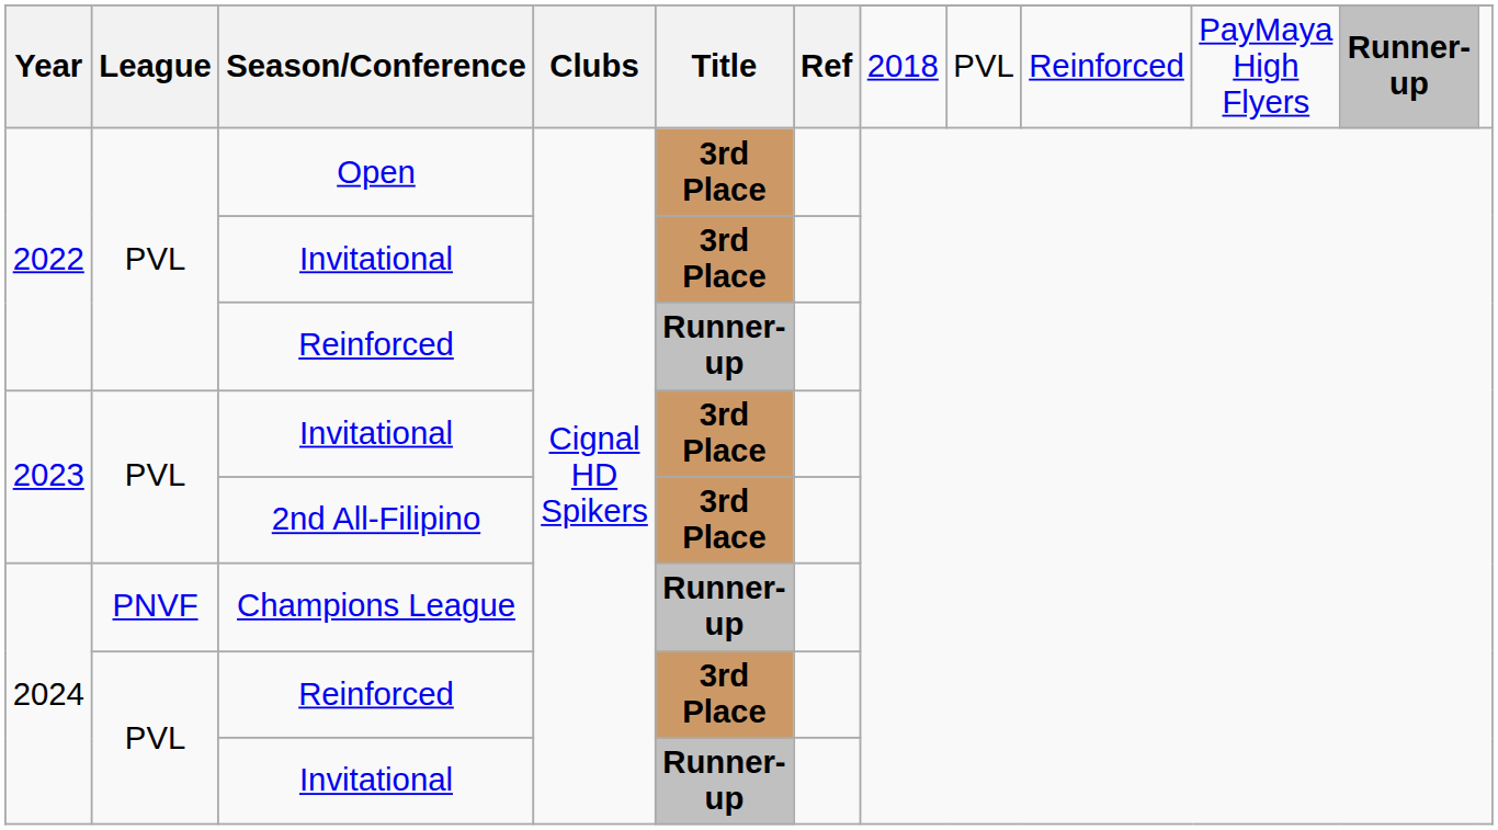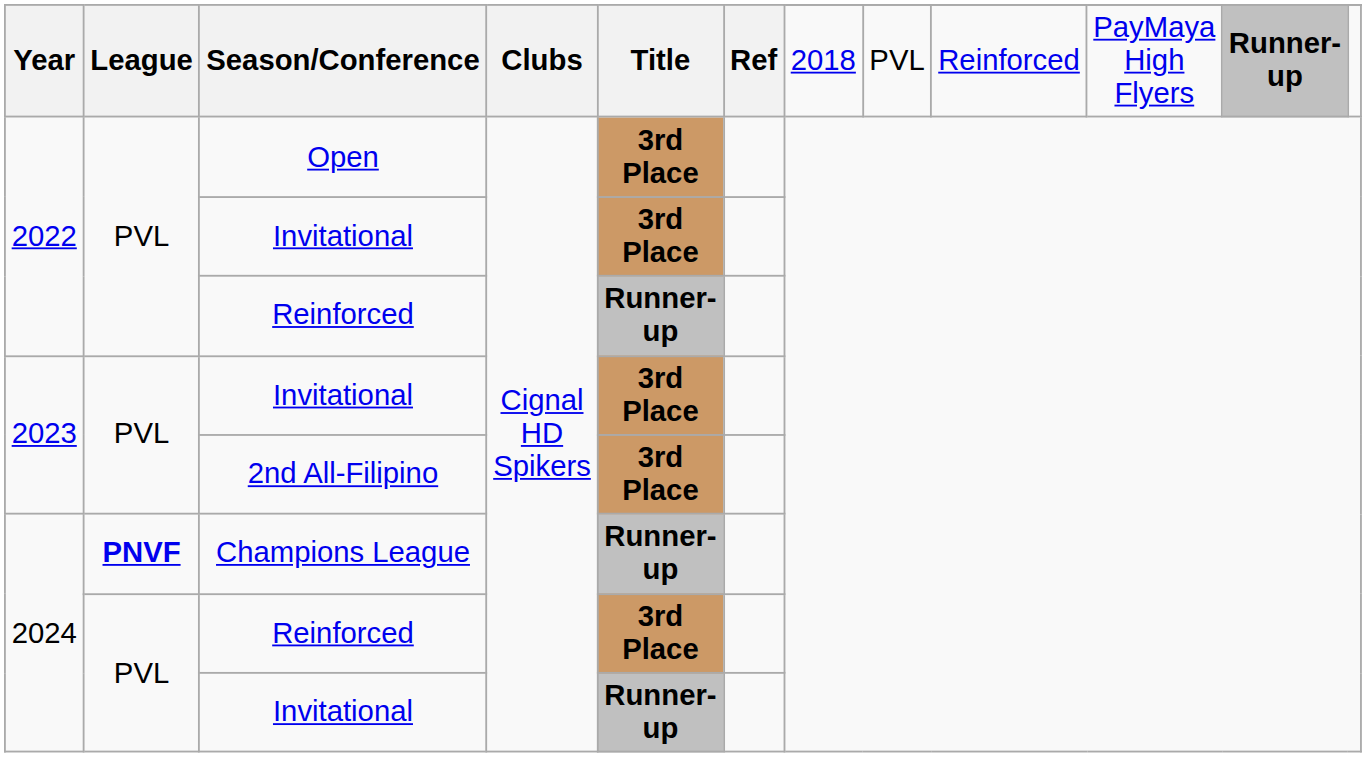 <table class="wikitable sortable" style="text-align:center" width="80%">
 <tr>
 <th style="width:25px;" rowspan="2">Year</th>
 <th style="width:25px;" rowspan="2">League</th>
 <th style="width:150px;" rowspan="2">Season/Conference</th>
 <th style="width:150px;" rowspan="2">Clubs</th>
 <th style="width:150px;" rowspan="2">Title</th>
 <th style="width:25px;" rowspan="2">Ref</th>
 </tr>
 <tr>
 <td><a href='#'>2018</a></td>
 <td>PVL</td>
 <td><a href='#'>Reinforced</a></td>
 <td><a href='#'>PayMaya High Flyers</a></td>
 <td style="background:silver;"><strong>Runner-up</strong></td>
 <td></td>
 </tr>
 <tr>
 <td rowspan="3"><a href='#'>2022</a></td>
 <td rowspan="3">PVL</td>
 <td><a href='#'>Open</a></td>
 <td rowspan="8"><a href='#'>Cignal HD Spikers</a></td>
 <td style="background:#c96;"><strong>3rd Place</strong></td>
 <td></td>
 </tr>
 <tr>
 <td><a href='#'>Invitational</a></td>
 <td style="background:#c96;"><strong>3rd Place</strong></td>
 <td></td>
 </tr>
 <tr>
 <td><a href='#'>Reinforced</a></td>
 <td style="background:silver;"><strong>Runner-up</strong></td>
 <td></td>
 </tr>
 <tr>
 <td rowspan="2"><a href='#'>2023</a></td>
 <td rowspan="2">PVL</td>
 <td><a href='#'>Invitational</a></td>
 <td style="background:#c96;"><strong>3rd Place</strong></td>
 <td></td>
 </tr>
 <tr>
 <td><a href='#'>2nd All-Filipino</a></td>
 <td style="background:#c96;"><strong>3rd Place</strong></td>
 <td></td>
 </tr>
 <tr>
 <td rowspan=3>2024</td>
-<td><a href='#'>PNVF</a></td>
+<td><strong><a href='#'>PNVF</a></strong></td>
 <td><a href='#'>Champions League</a></td>
 <td style="background:silver;"><strong>Runner-up</strong></td>
 <td></td>
 </tr>
 <tr>
 <td rowspan="2">PVL</td>
 <td><a href='#'>Reinforced</a></td>
 <td style="background:#c96;"><strong>3rd Place</strong></td>
 <td></td>
 </tr>
 <tr>
 <td><a href='#'>Invitational</a></td>
 <td style="background:silver;"><strong>Runner-up</strong></td>
 <td></td>
 </tr>
 </table>
